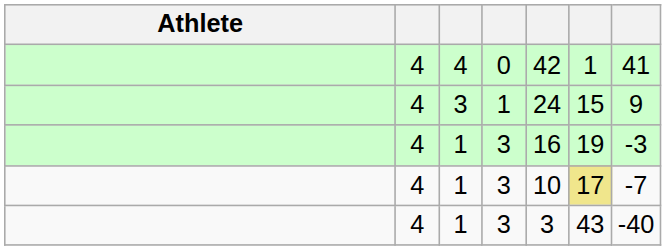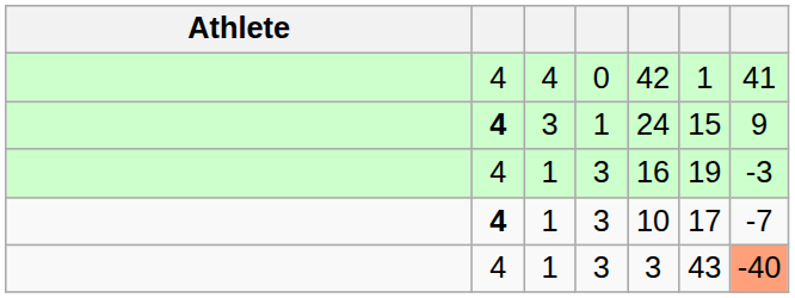 <table class="wikitable" style="text-align:center;">
 <tr>
 <th width=240>Athlete</th>
 <th width=20></th>
 <th width=20></th>
 <th width=20></th>
 <th width=20></th>
 <th width=20></th>
 <th width=20></th>
 </tr>
 <tr bgcolor=ccffcc>
 <td align="left"></td>
 <td>4</td>
 <td>4</td>
 <td>0</td>
 <td>42</td>
 <td>1</td>
 <td>41</td>
 </tr>
 <tr bgcolor=ccffcc>
 <td align="left"></td>
-<td>4</td>
+<td><strong>4</strong></td>
 <td>3</td>
 <td>1</td>
 <td>24</td>
 <td>15</td>
 <td>9</td>
 </tr>
 <tr bgcolor=ccffcc>
 <td align="left"></td>
 <td>4</td>
 <td>1</td>
 <td>3</td>
 <td>16</td>
 <td>19</td>
 <td>-3</td>
 </tr>
 <tr>
 <td align="left"></td>
-<td>4</td>
+<td><strong>4</strong></td>
 <td>1</td>
 <td>3</td>
 <td>10</td>
-<td style="background: khaki;">17</td>
+<td>17</td>
 <td>-7</td>
 </tr>
 <tr>
 <td align="left"></td>
 <td>4</td>
 <td>1</td>
 <td>3</td>
 <td>3</td>
 <td>43</td>
-<td>-40</td>
+<td style="background: lightsalmon;">-40</td>
 </tr>
 </table>
